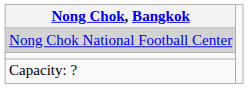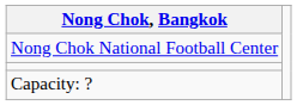 <table class="wikitable" style="margin-left: auto; margin-right: auto; border: none;">
 <tr>
 <th><a href='#'>Nong Chok</a>, <a href='#'>Bangkok</a></th>
 <td rowspan="4"><br></td>
 </tr>
 <tr>
-<td style="background: lightgrey;"><a href='#'>Nong Chok National Football Center</a></td>
+<td><a href='#'>Nong Chok National Football Center</a></td>
 </tr>
 <tr>
 <td><small></small></td>
 </tr>
 <tr>
 <td>Capacity: ?</td>
 </tr>
 </table>
